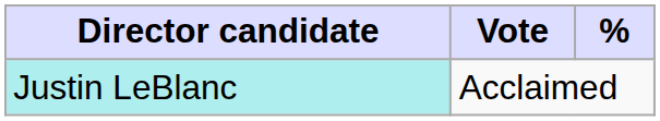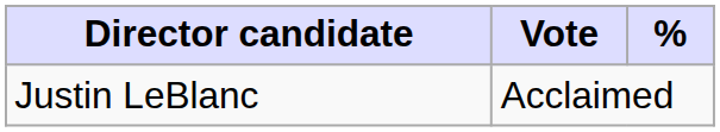 <table class="wikitable">
 <tr>
 <th style="background:#ddf;" width="200px">Director candidate</th>
 <th style="background:#ddf;" width="50px">Vote</th>
 <th style="background:#ddf;" width="30px">%</th>
 </tr>
 <tr>
-<td style="background: paleturquoise;">Justin LeBlanc</td>
+<td>Justin LeBlanc</td>
 <td colspan="2">Acclaimed</td>
 </tr>
 </table>
